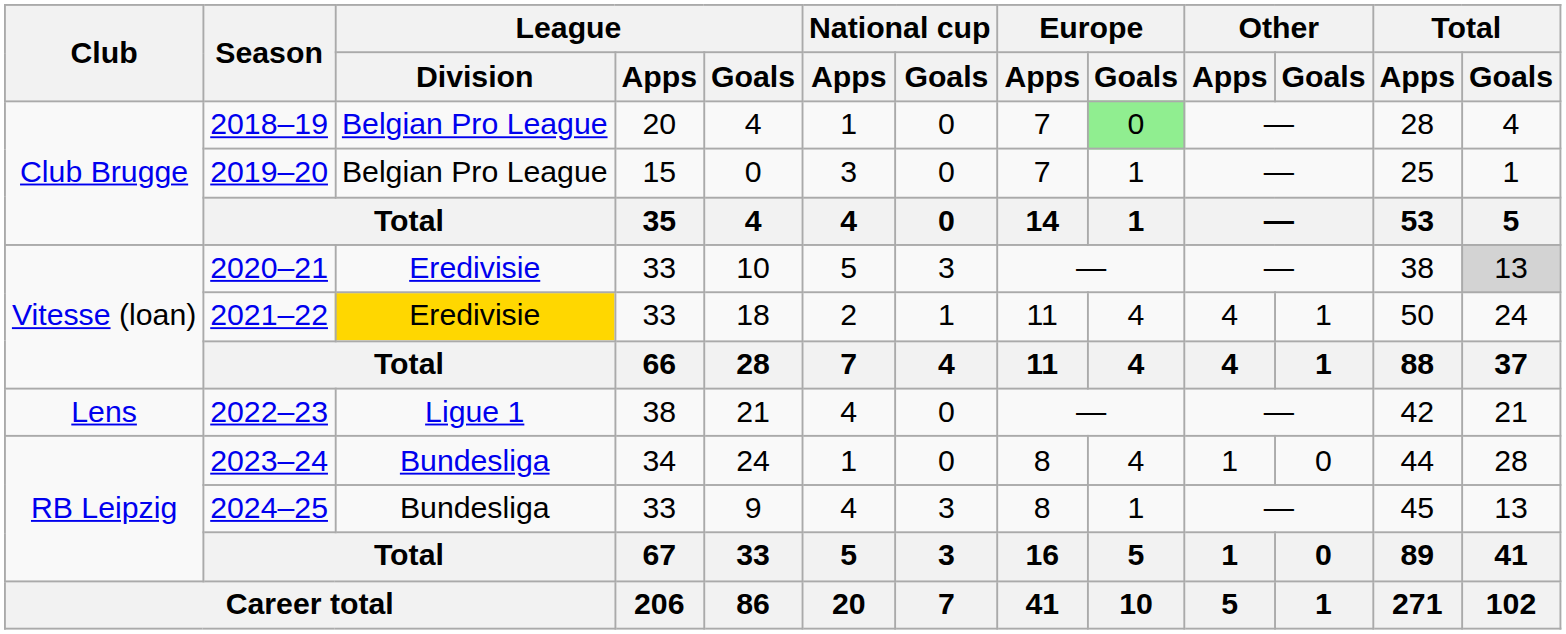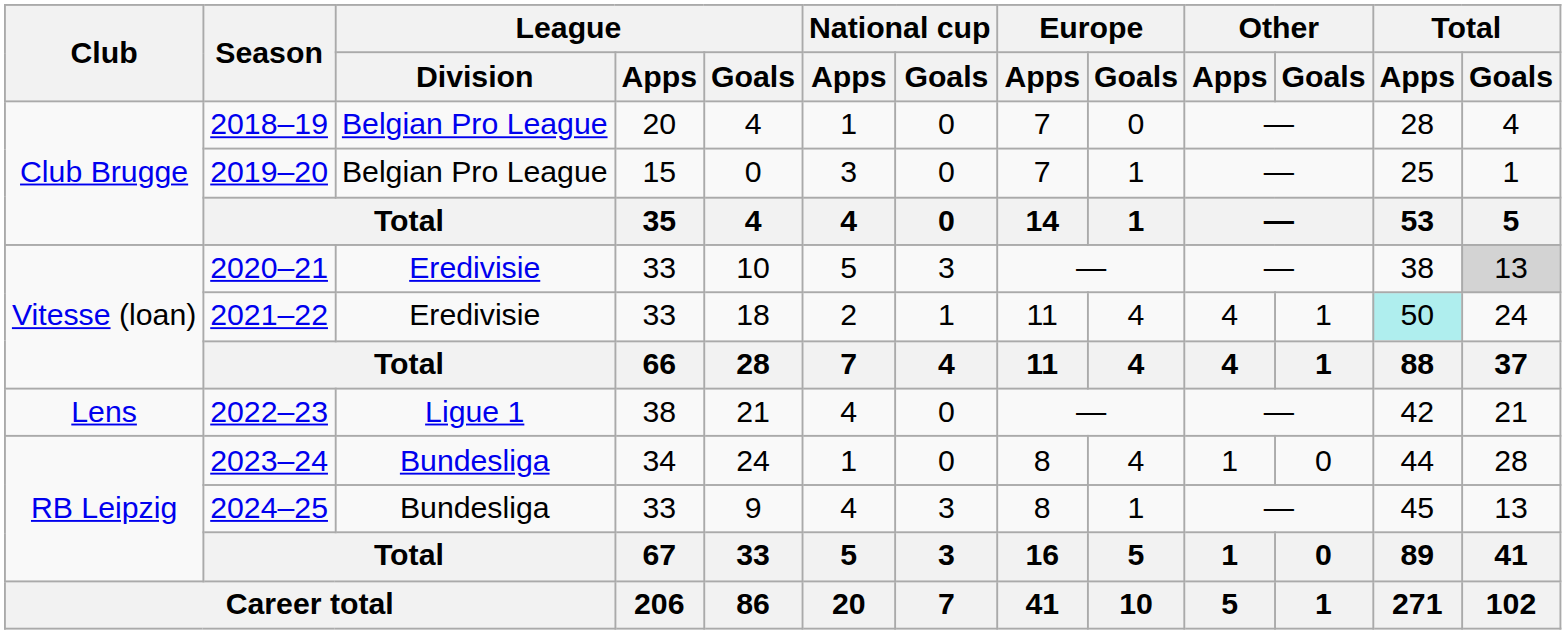 <table class="wikitable" style="text-align: center;">
 <tr>
 <th rowspan="2">Club</th>
 <th rowspan="2">Season</th>
 <th colspan="3">League</th>
 <th colspan="2">National cup</th>
 <th colspan="2">Europe</th>
 <th colspan="2">Other</th>
 <th colspan="2">Total</th>
 </tr>
 <tr>
 <th>Division</th>
 <th>Apps</th>
 <th>Goals</th>
 <th>Apps</th>
 <th>Goals</th>
 <th>Apps</th>
 <th>Goals</th>
 <th>Apps</th>
 <th>Goals</th>
 <th>Apps</th>
 <th>Goals</th>
 </tr>
 <tr>
 <td rowspan="3"><a href='#'>Club Brugge</a></td>
 <td><a href='#'>2018–19</a></td>
 <td><a href='#'>Belgian Pro League</a></td>
 <td>20</td>
 <td>4</td>
 <td>1</td>
 <td>0</td>
 <td>7</td>
-<td style="background: lightgreen;">0</td>
+<td>0</td>
 <td colspan="2">—</td>
 <td>28</td>
 <td>4</td>
 </tr>
 <tr>
 <td><a href='#'>2019–20</a></td>
 <td>Belgian Pro League</td>
 <td>15</td>
 <td>0</td>
 <td>3</td>
 <td>0</td>
 <td>7</td>
 <td>1</td>
 <td colspan="2">—</td>
 <td>25</td>
 <td>1</td>
 </tr>
 <tr>
 <th colspan="2">Total</th>
 <th>35</th>
 <th>4</th>
 <th>4</th>
 <th>0</th>
 <th>14</th>
 <th>1</th>
 <th colspan="2">—</th>
 <th>53</th>
 <th>5</th>
 </tr>
 <tr>
 <td rowspan="3"><a href='#'>Vitesse</a> (loan)</td>
 <td><a href='#'>2020–21</a></td>
 <td><a href='#'>Eredivisie</a></td>
 <td>33</td>
 <td>10</td>
 <td>5</td>
 <td>3</td>
 <td colspan="2">—</td>
 <td colspan="2">—</td>
 <td>38</td>
 <td style="background: lightgrey;">13</td>
 </tr>
 <tr>
 <td><a href='#'>2021–22</a></td>
-<td style="background: gold;">Eredivisie</td>
+<td>Eredivisie</td>
 <td>33</td>
 <td>18</td>
 <td>2</td>
 <td>1</td>
 <td>11</td>
 <td>4</td>
 <td>4</td>
 <td>1</td>
-<td>50</td>
+<td style="background: paleturquoise;">50</td>
 <td>24</td>
 </tr>
 <tr>
 <th colspan="2">Total</th>
 <th>66</th>
 <th>28</th>
 <th>7</th>
 <th>4</th>
 <th>11</th>
 <th>4</th>
 <th>4</th>
 <th>1</th>
 <th>88</th>
 <th>37</th>
 </tr>
 <tr>
 <td><a href='#'>Lens</a></td>
 <td><a href='#'>2022–23</a></td>
 <td><a href='#'>Ligue 1</a></td>
 <td>38</td>
 <td>21</td>
 <td>4</td>
 <td>0</td>
 <td colspan="2">—</td>
 <td colspan="2">—</td>
 <td>42</td>
 <td>21</td>
 </tr>
 <tr>
 <td rowspan="3"><a href='#'>RB Leipzig</a></td>
 <td><a href='#'>2023–24</a></td>
 <td><a href='#'>Bundesliga</a></td>
 <td>34</td>
 <td>24</td>
 <td>1</td>
 <td>0</td>
 <td>8</td>
 <td>4</td>
 <td>1</td>
 <td>0</td>
 <td>44</td>
 <td>28</td>
 </tr>
 <tr>
 <td><a href='#'>2024–25</a></td>
 <td>Bundesliga</td>
 <td>33</td>
 <td>9</td>
 <td>4</td>
 <td>3</td>
 <td>8</td>
 <td>1</td>
 <td colspan="2">—</td>
 <td>45</td>
 <td>13</td>
 </tr>
 <tr>
 <th colspan="2">Total</th>
 <th>67</th>
 <th>33</th>
 <th>5</th>
 <th>3</th>
 <th>16</th>
 <th>5</th>
 <th>1</th>
 <th>0</th>
 <th>89</th>
 <th>41</th>
 </tr>
 <tr>
 <th colspan="3">Career total</th>
 <th>206</th>
 <th>86</th>
 <th>20</th>
 <th>7</th>
 <th>41</th>
 <th>10</th>
 <th>5</th>
 <th>1</th>
 <th>271</th>
 <th>102</th>
 </tr>
 </table>
